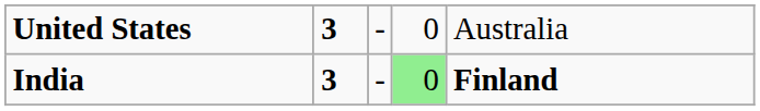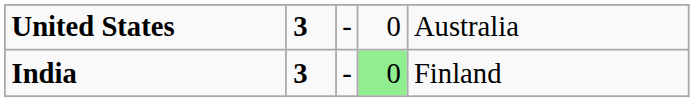 <table class="wikitable">
 <tr>
 <td width=150> <strong>United States</strong></td>
 <td style="width:20px; text-align:left;"><strong>3</strong></td>
 <td>-</td>
 <td style="width:20px; text-align:right;">0</td>
 <td width=150> Australia</td>
 </tr>
 <tr>
 <td> <strong>India</strong></td>
 <td style="text-align:left;"><strong>3</strong></td>
 <td>-</td>
 <td style="background: lightgreen; text-align:right;">0</td>
-<td><strong> Finland</strong></td>
+<td> Finland</td>
 </tr>
 </table>
